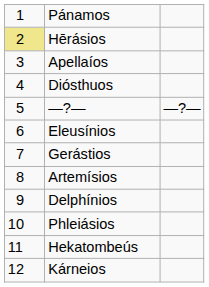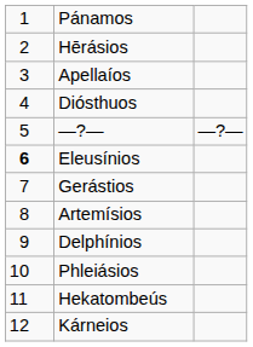 <table class="wikitable">
 <tr>
 <td>  1</td>
 <td>Pánamos</td>
 <td></td>
 </tr>
 <tr>
-<td style="background: khaki;">  2</td>
+<td>  2</td>
 <td>Hērásios</td>
 <td></td>
 </tr>
 <tr>
 <td>  3</td>
 <td>Apellaíos</td>
 <td></td>
 </tr>
 <tr>
 <td>  4</td>
 <td>Diósthuos</td>
 <td></td>
 </tr>
 <tr>
 <td>  5</td>
 <td>—?—</td>
 <td>—?—</td>
 </tr>
 <tr>
-<td>  6</td>
+<td><strong>  6</strong></td>
 <td>Eleusínios</td>
 <td></td>
 </tr>
 <tr>
 <td>  7</td>
 <td>Gerástios</td>
 <td></td>
 </tr>
 <tr>
 <td>  8</td>
 <td>Artemísios</td>
 <td></td>
 </tr>
 <tr>
 <td>  9</td>
 <td>Delphínios</td>
 <td></td>
 </tr>
 <tr>
 <td>10</td>
 <td>Phleiásios</td>
 <td></td>
 </tr>
 <tr>
 <td>11  </td>
 <td>Hekatombeús  </td>
 <td></td>
 </tr>
 <tr>
 <td>12</td>
 <td>Kárneios</td>
 <td></td>
 </tr>
 </table>
